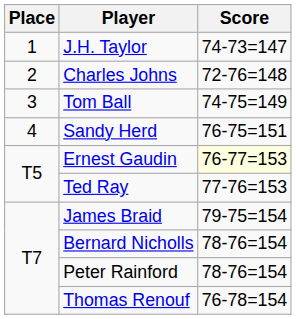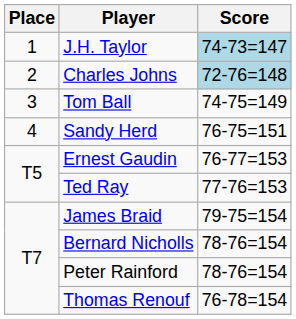 <table class=wikitable>
 <tr>
 <th>Place</th>
 <th>Player</th>
 <th>Score</th>
 </tr>
 <tr>
 <td align=center>1</td>
 <td> <a href='#'>J.H. Taylor</a></td>
-<td>74-73=147</td>
+<td style="background: lightblue;">74-73=147</td>
 </tr>
 <tr>
 <td align=center>2</td>
 <td> <a href='#'>Charles Johns</a></td>
-<td>72-76=148</td>
+<td style="background: lightblue;">72-76=148</td>
 </tr>
 <tr>
 <td align=center>3</td>
 <td> <a href='#'>Tom Ball</a></td>
 <td>74-75=149</td>
 </tr>
 <tr>
 <td align=center>4</td>
 <td> <a href='#'>Sandy Herd</a></td>
 <td>76-75=151</td>
 </tr>
 <tr>
 <td rowspan=2 align=center>T5</td>
 <td> <a href='#'>Ernest Gaudin</a></td>
-<td style="background: lightyellow;">76-77=153</td>
+<td>76-77=153</td>
 </tr>
 <tr>
 <td> <a href='#'>Ted Ray</a></td>
 <td>77-76=153</td>
 </tr>
 <tr>
 <td rowspan=4 align=center>T7</td>
 <td> <a href='#'>James Braid</a></td>
 <td>79-75=154</td>
 </tr>
 <tr>
 <td> <a href='#'>Bernard Nicholls</a></td>
 <td>78-76=154</td>
 </tr>
 <tr>
 <td> Peter Rainford</td>
 <td>78-76=154</td>
 </tr>
 <tr>
 <td> <a href='#'>Thomas Renouf</a></td>
 <td>76-78=154</td>
 </tr>
 </table>
